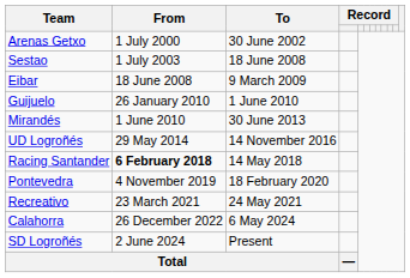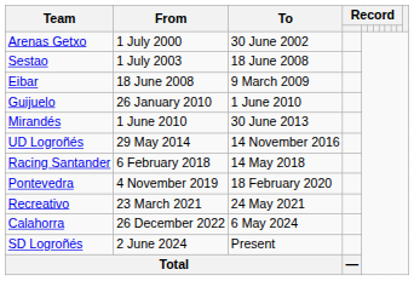 <table class="wikitable" style="text-align: center">
 <tr>
 <th rowspan="2">Team</th>
 <th rowspan="2">From</th>
 <th rowspan="2">To</th>
 <th colspan="8">Record</th>
 <th rowspan=2></th>
 </tr>
 <tr>
 <th></th>
 <th></th>
 <th></th>
 <th></th>
 <th></th>
 <th></th>
 <th></th>
 <th></th>
 </tr>
 <tr>
 <td align="left"><a href='#'>Arenas Getxo</a></td>
 <td align=left>1 July 2000</td>
 <td align=left>30 June 2002<br></td>
 <td></td>
 </tr>
 <tr>
 <td align="left"><a href='#'>Sestao</a></td>
 <td align=left>1 July 2003</td>
 <td align=left>18 June 2008<br></td>
 <td></td>
 </tr>
 <tr>
 <td align="left"><a href='#'>Eibar</a></td>
 <td align=left>18 June 2008</td>
 <td align=left>9 March 2009<br></td>
 <td></td>
 </tr>
 <tr>
 <td align="left"><a href='#'>Guijuelo</a></td>
 <td align=left>26 January 2010</td>
 <td align=left>1 June 2010<br></td>
 <td></td>
 </tr>
 <tr>
 <td align="left"><a href='#'>Mirandés</a></td>
 <td align=left>1 June 2010</td>
 <td align=left>30 June 2013<br></td>
 <td></td>
 </tr>
 <tr>
 <td align="left"><a href='#'>UD Logroñés</a></td>
 <td align=left>29 May 2014</td>
 <td align=left>14 November 2016<br></td>
 <td></td>
 </tr>
 <tr>
 <td align="left"><a href='#'>Racing Santander</a></td>
-<td align=left><strong>6 February 2018</strong></td>
+<td align=left>6 February 2018</td>
 <td align=left>14 May 2018<br></td>
 <td></td>
 </tr>
 <tr>
 <td align="left"><a href='#'>Pontevedra</a></td>
 <td align=left>4 November 2019</td>
 <td align=left>18 February 2020<br></td>
 <td></td>
 </tr>
 <tr>
 <td align="left"><a href='#'>Recreativo</a></td>
 <td align=left>23 March 2021</td>
 <td align=left>24 May 2021<br></td>
 <td></td>
 </tr>
 <tr>
 <td align="left"><a href='#'>Calahorra</a></td>
 <td align=left>26 December 2022</td>
 <td align=left>6 May 2024<br></td>
 <td></td>
 </tr>
 <tr>
 <td align="left"><a href='#'>SD Logroñés</a></td>
 <td align=left>2 June 2024</td>
 <td align=left>Present<br></td>
 <td></td>
 </tr>
 <tr>
 <th colspan="3">Total<br></th>
 <th>—</th>
 </tr>
 </table>
